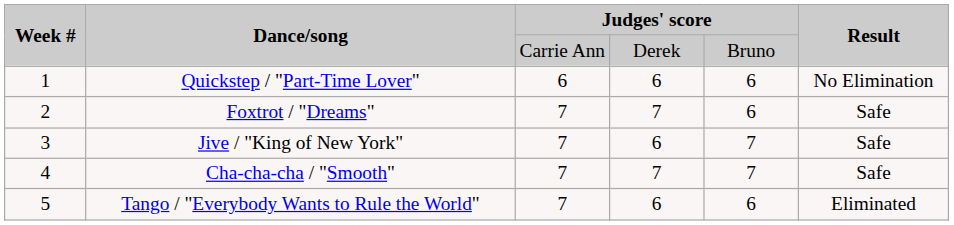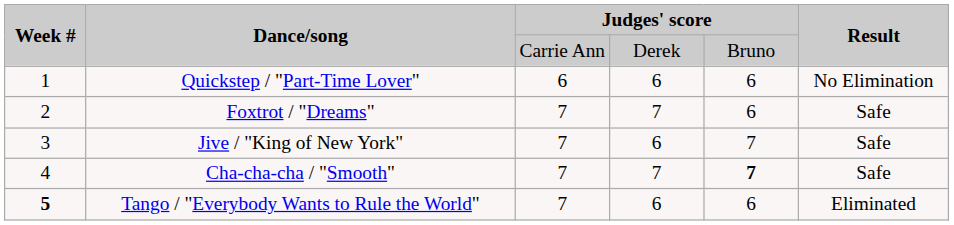 <table class="wikitable collapsible collapsed">
 <tr style="text-align:Center; background:#ccc;">
 <td rowspan="2"><strong>Week #</strong></td>
 <td rowspan="2"><strong>Dance/song</strong></td>
 <td colspan="3"><strong>Judges' score</strong></td>
 <td rowspan="2"><strong>Result</strong></td>
 </tr>
 <tr style="text-align:center; background:#ccc;">
 <td style="width:10%; ">Carrie Ann</td>
 <td style="width:10%; ">Derek</td>
 <td style="width:10%; ">Bruno</td>
 </tr>
 <tr style="text-align:center; background:#faf6f6;">
 <td bgcolor="#FAF6F6">1</td>
 <td bgcolor="#FAF6F6"><a href='#'>Quickstep</a> / "<a href='#'>Part-Time Lover</a>"</td>
 <td bgcolor="#FAF6F6">6</td>
 <td bgcolor="#FAF6F6">6</td>
 <td bgcolor="#FAF6F6">6</td>
 <td bgcolor="#FAF6F6">No Elimination</td>
 </tr>
 <tr style="text-align:center; background:#faf6f6;">
 <td bgcolor="#FAF6F6">2</td>
 <td bgcolor="#FAF6F6"><a href='#'>Foxtrot</a> / "<a href='#'>Dreams</a>"</td>
 <td bgcolor="#FAF6F6">7</td>
 <td bgcolor="#FAF6F6">7</td>
 <td bgcolor="#FAF6F6">6</td>
 <td bgcolor="#FAF6F6">Safe</td>
 </tr>
 <tr style="text-align:center; background:#faf6f6;">
 <td bgcolor="#FAF6F6">3</td>
 <td bgcolor="#FAF6F6"><a href='#'>Jive</a> / "King of New York"</td>
 <td bgcolor="#FAF6F6">7</td>
 <td bgcolor="#FAF6F6">6</td>
 <td bgcolor="#FAF6F6">7</td>
 <td bgcolor="#FAF6F6">Safe</td>
 </tr>
 <tr style="text-align:center; background:#faf6f6;">
 <td bgcolor="#FAF6F6">4</td>
 <td bgcolor="#FAF6F6"><a href='#'>Cha-cha-cha</a> / "<a href='#'>Smooth</a>"</td>
 <td bgcolor="#FAF6F6">7</td>
 <td bgcolor="#FAF6F6">7</td>
-<td bgcolor="#FAF6F6">7</td>
+<td bgcolor="#FAF6F6"><strong>7</strong></td>
 <td bgcolor="#FAF6F6">Safe</td>
 </tr>
 <tr style="text-align:center; background:#faf6f6;">
-<td bgcolor="#FAF6F6">5</td>
+<td bgcolor="#FAF6F6"><strong>5</strong></td>
 <td bgcolor="#FAF6F6"><a href='#'>Tango</a> / "<a href='#'>Everybody Wants to Rule the World</a>"</td>
 <td bgcolor="#FAF6F6">7</td>
 <td bgcolor="#FAF6F6">6</td>
 <td bgcolor="#FAF6F6">6</td>
 <td bgcolor="#FAF6F6">Eliminated</td>
 </tr>
 </table>
